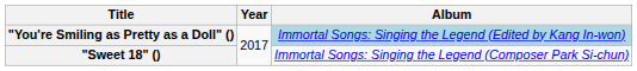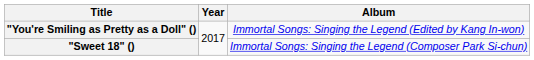 <table class="wikitable plainrowheaders" style="text-align:center">
 <tr>
 <th>Title</th>
 <th>Year</th>
 <th>Album</th>
 </tr>
 <tr>
 <th scope="row">"You're Smiling as Pretty as a Doll" ()</th>
 <td rowspan="2">2017</td>
-<td style="background: lightblue;"><em><a href='#'>Immortal Songs: Singing the Legend (Edited by Kang In-won)</a></em></td>
+<td><em><a href='#'>Immortal Songs: Singing the Legend (Edited by Kang In-won)</a></em></td>
 </tr>
 <tr>
 <th scope="row">"Sweet 18" ()</th>
 <td><em><a href='#'>Immortal Songs: Singing the Legend (Composer Park Si-chun)</a></em></td>
 </tr>
 </table>
